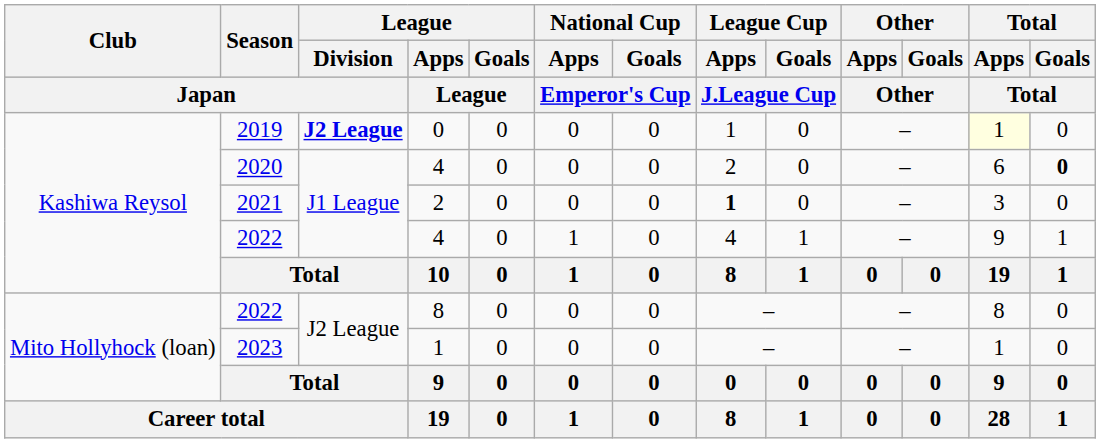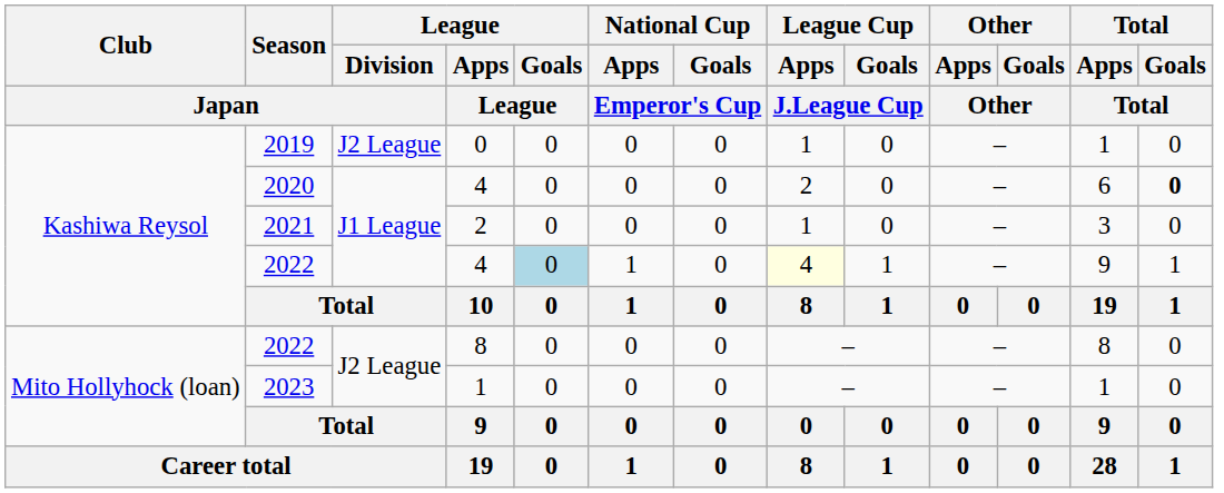 <table class="wikitable" style="text-align: center">
 <tr>
 <th rowspan="2">Club</th>
 <th rowspan="2">Season</th>
 <th colspan="3">League</th>
 <th colspan="2">National Cup</th>
 <th colspan="2">League Cup</th>
 <th colspan="2">Other</th>
 <th colspan="2">Total</th>
 </tr>
 <tr>
 <th>Division</th>
 <th>Apps</th>
 <th>Goals</th>
 <th>Apps</th>
 <th>Goals</th>
 <th>Apps</th>
 <th>Goals</th>
 <th>Apps</th>
 <th>Goals</th>
 <th>Apps</th>
 <th>Goals</th>
 </tr>
 <tr>
 <th colspan=3>Japan</th>
 <th colspan=2>League</th>
 <th colspan=2><a href='#'>Emperor's Cup</a></th>
 <th colspan=2><a href='#'>J.League Cup</a></th>
 <th colspan=2>Other</th>
 <th colspan=2>Total</th>
 </tr>
 <tr>
 <td rowspan="5"><a href='#'>Kashiwa Reysol</a></td>
 <td><a href='#'>2019</a></td>
-<td><strong><a href='#'>J2 League</a></strong></td>
+<td><a href='#'>J2 League</a></td>
 <td>0</td>
 <td>0</td>
 <td>0</td>
 <td>0</td>
 <td>1</td>
 <td>0</td>
 <td colspan="2">–</td>
-<td style="background: lightyellow;">1</td>
+<td>1</td>
 <td>0</td>
 </tr>
 <tr>
 <td><a href='#'>2020</a></td>
 <td rowspan="3"><a href='#'>J1 League</a></td>
 <td>4</td>
 <td>0</td>
 <td>0</td>
 <td>0</td>
 <td>2</td>
 <td>0</td>
 <td colspan="2">–</td>
 <td>6</td>
 <td><strong>0</strong></td>
 </tr>
 <tr>
 <td><a href='#'>2021</a></td>
 <td>2</td>
 <td>0</td>
 <td>0</td>
 <td>0</td>
-<td><strong>1</strong></td>
+<td>1</td>
 <td>0</td>
 <td colspan="2">–</td>
 <td>3</td>
 <td>0</td>
 </tr>
 <tr>
 <td><a href='#'>2022</a></td>
 <td>4</td>
-<td>0</td>
+<td style="background: lightblue;">0</td>
 <td>1</td>
 <td>0</td>
-<td>4</td>
+<td style="background: lightyellow;">4</td>
 <td>1</td>
 <td colspan="2">–</td>
 <td>9</td>
 <td>1</td>
 </tr>
 <tr>
 <th colspan=2>Total</th>
 <th>10</th>
 <th>0</th>
 <th>1</th>
 <th>0</th>
 <th>8</th>
 <th>1</th>
 <th>0</th>
 <th>0</th>
 <th>19</th>
 <th>1</th>
 </tr>
 <tr>
 <td rowspan="3"><a href='#'>Mito Hollyhock</a> (loan)</td>
 <td><a href='#'>2022</a></td>
 <td rowspan="2">J2 League</td>
 <td>8</td>
 <td>0</td>
 <td>0</td>
 <td>0</td>
 <td colspan="2">–</td>
 <td colspan="2">–</td>
 <td>8</td>
 <td>0</td>
 </tr>
 <tr>
 <td><a href='#'>2023</a></td>
 <td>1</td>
 <td>0</td>
 <td>0</td>
 <td>0</td>
 <td colspan="2">–</td>
 <td colspan="2">–</td>
 <td>1</td>
 <td>0</td>
 </tr>
 <tr>
 <th colspan=2>Total</th>
 <th>9</th>
 <th>0</th>
 <th>0</th>
 <th>0</th>
 <th>0</th>
 <th>0</th>
 <th>0</th>
 <th>0</th>
 <th>9</th>
 <th>0</th>
 </tr>
 <tr>
 <th colspan=3>Career total</th>
 <th>19</th>
 <th>0</th>
 <th>1</th>
 <th>0</th>
 <th>8</th>
 <th>1</th>
 <th>0</th>
 <th>0</th>
 <th>28</th>
 <th>1</th>
 </tr>
 </table>
